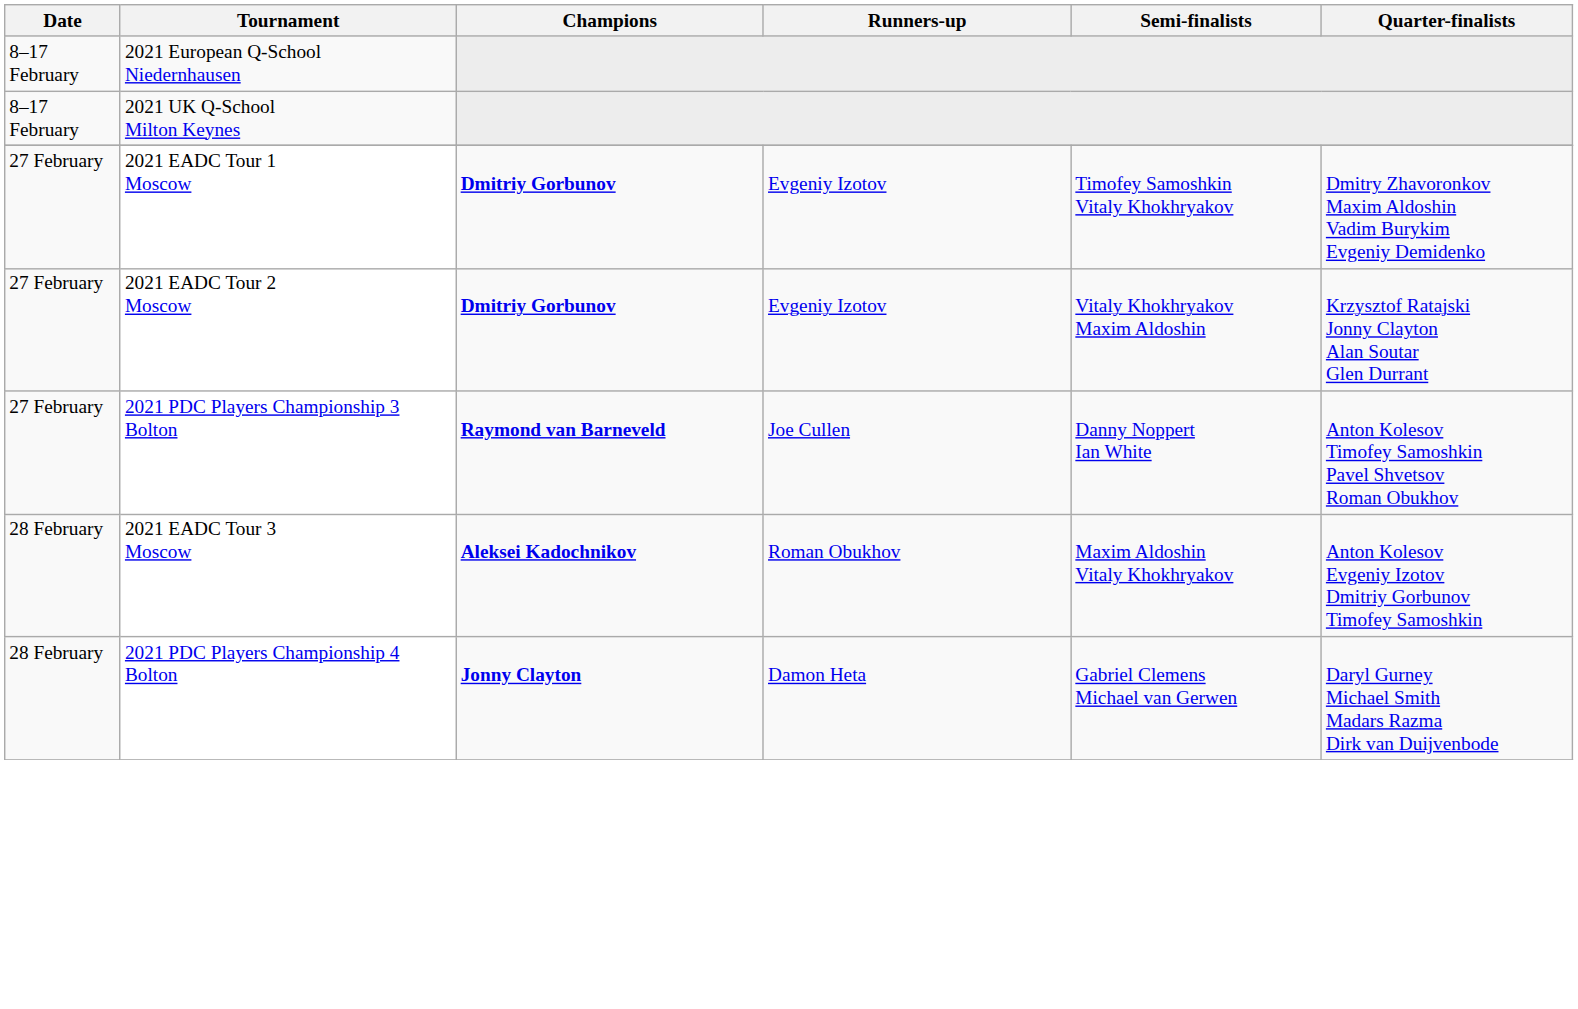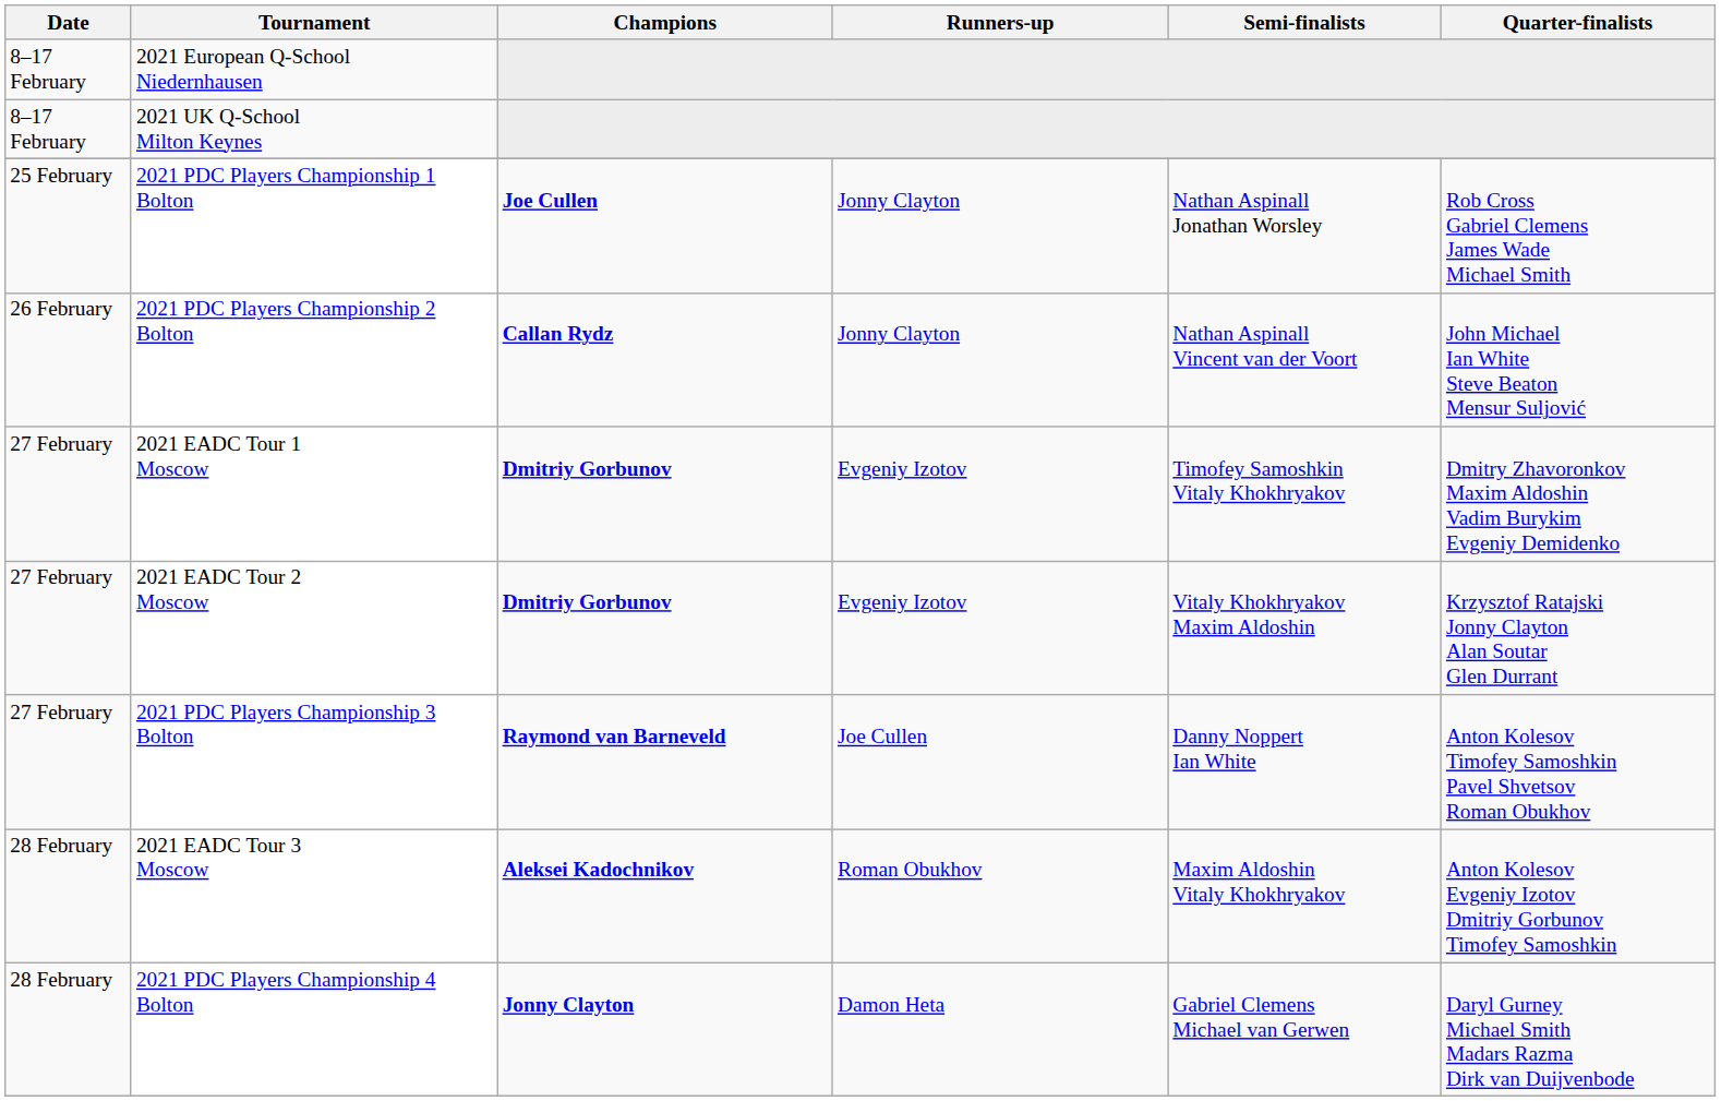 <table class=wikitable style=font-size:85%>
 <tr>
 <th width=75>Date</th>
 <th width=230>Tournament</th>
 <th width=210>Champions</th>
 <th width=210>Runners-up</th>
 <th width=170>Semi-finalists</th>
 <th width=170>Quarter-finalists</th>
 </tr>
 <tr valign="top">
 <td rowspan=1>8–17 February</td>
 <td>2021 European Q-School <br> <a href='#'>Niedernhausen</a></td>
 <td colspan=4 bgcolor="#ededed"></td>
 </tr>
 <tr valign="top">
 <td rowspan=1>8–17 February</td>
 <td>2021 UK Q-School <br> <a href='#'>Milton Keynes</a></td>
 <td colspan=4 bgcolor="#ededed"></td>
 </tr>
 <tr valign="top">
+</tr>
+<tr valign="top">
+<td>25 February</td>
+<td bgcolor="#ffffff"><a href='#'>2021 PDC Players Championship 1</a><br> <a href='#'>Bolton</a></td>
+<td><br> <strong><a href='#'>Joe Cullen</a></strong></td>
+<td><br> <a href='#'>Jonny Clayton</a></td>
+<td><br> <a href='#'>Nathan Aspinall</a> <br>  Jonathan Worsley</td>
+<td><br> <a href='#'>Rob Cross</a> <br>  <a href='#'>Gabriel Clemens</a> <br>  <a href='#'>James Wade</a> <br>  <a href='#'>Michael Smith</a></td>
+</tr>
+<tr valign="top">
+<td>26 February</td>
+<td bgcolor="#ffffff"><a href='#'>2021 PDC Players Championship 2</a><br> <a href='#'>Bolton</a></td>
+<td><br> <strong><a href='#'>Callan Rydz</a></strong></td>
+<td><br> <a href='#'>Jonny Clayton</a></td>
+<td><br> <a href='#'>Nathan Aspinall</a> <br>  <a href='#'>Vincent van der Voort</a></td>
+<td><br> <a href='#'>John Michael</a> <br>  <a href='#'>Ian White</a> <br>  <a href='#'>Steve Beaton</a> <br>  <a href='#'>Mensur Suljović</a></td>
 </tr>
 <tr valign="top">
 <td>27 February</td>
 <td bgcolor="#ffffff">2021 EADC Tour 1<br> <a href='#'>Moscow</a></td>
 <td><br> <strong><a href='#'>Dmitriy Gorbunov</a></strong></td>
 <td><br> <a href='#'>Evgeniy Izotov</a></td>
 <td><br> <a href='#'>Timofey Samoshkin</a> <br>  <a href='#'>Vitaly Khokhryakov</a></td>
 <td><br> <a href='#'>Dmitry Zhavoronkov</a> <br>  <a href='#'>Maxim Aldoshin</a> <br>  <a href='#'>Vadim Burykim</a> <br>  <a href='#'>Evgeniy Demidenko</a></td>
 </tr>
 <tr valign="top">
 <td>27 February</td>
 <td bgcolor="#ffffff">2021 EADC Tour 2<br> <a href='#'>Moscow</a></td>
 <td><br> <strong><a href='#'>Dmitriy Gorbunov</a></strong></td>
 <td><br> <a href='#'>Evgeniy Izotov</a></td>
 <td><br> <a href='#'>Vitaly Khokhryakov</a> <br>  <a href='#'>Maxim Aldoshin</a></td>
 <td><br> <a href='#'>Krzysztof Ratajski</a> <br>  <a href='#'>Jonny Clayton</a> <br>  <a href='#'>Alan Soutar</a> <br>  <a href='#'>Glen Durrant</a></td>
 </tr>
 <tr valign="top">
 <td>27 February</td>
 <td bgcolor="#ffffff"><a href='#'>2021 PDC Players Championship 3</a><br> <a href='#'>Bolton</a></td>
 <td><br> <strong><a href='#'>Raymond van Barneveld</a></strong></td>
 <td><br> <a href='#'>Joe Cullen</a></td>
 <td><br> <a href='#'>Danny Noppert</a> <br>  <a href='#'>Ian White</a></td>
 <td><br> <a href='#'>Anton Kolesov</a> <br>  <a href='#'>Timofey Samoshkin</a> <br>  <a href='#'>Pavel Shvetsov</a> <br>  <a href='#'>Roman Obukhov</a></td>
 </tr>
 <tr valign="top">
 <td>28 February</td>
 <td bgcolor="#ffffff">2021 EADC Tour 3<br> <a href='#'>Moscow</a></td>
 <td><br> <strong><a href='#'>Aleksei Kadochnikov</a></strong></td>
 <td><br> <a href='#'>Roman Obukhov</a></td>
 <td><br> <a href='#'>Maxim Aldoshin</a> <br>  <a href='#'>Vitaly Khokhryakov</a></td>
 <td><br> <a href='#'>Anton Kolesov</a> <br>  <a href='#'>Evgeniy Izotov</a> <br>  <a href='#'>Dmitriy Gorbunov</a> <br>  <a href='#'>Timofey Samoshkin</a></td>
 </tr>
 <tr valign="top">
 <td>28 February</td>
 <td bgcolor="#ffffff"><a href='#'>2021 PDC Players Championship 4</a><br> <a href='#'>Bolton</a></td>
 <td><br> <strong><a href='#'>Jonny Clayton</a></strong></td>
 <td><br> <a href='#'>Damon Heta</a></td>
 <td><br> <a href='#'>Gabriel Clemens</a> <br>  <a href='#'>Michael van Gerwen</a></td>
 <td><br> <a href='#'>Daryl Gurney</a> <br>  <a href='#'>Michael Smith</a> <br>  <a href='#'>Madars Razma</a> <br>  <a href='#'>Dirk van Duijvenbode</a></td>
 </tr>
 <tr valign="top">
 </tr>
 </table>
